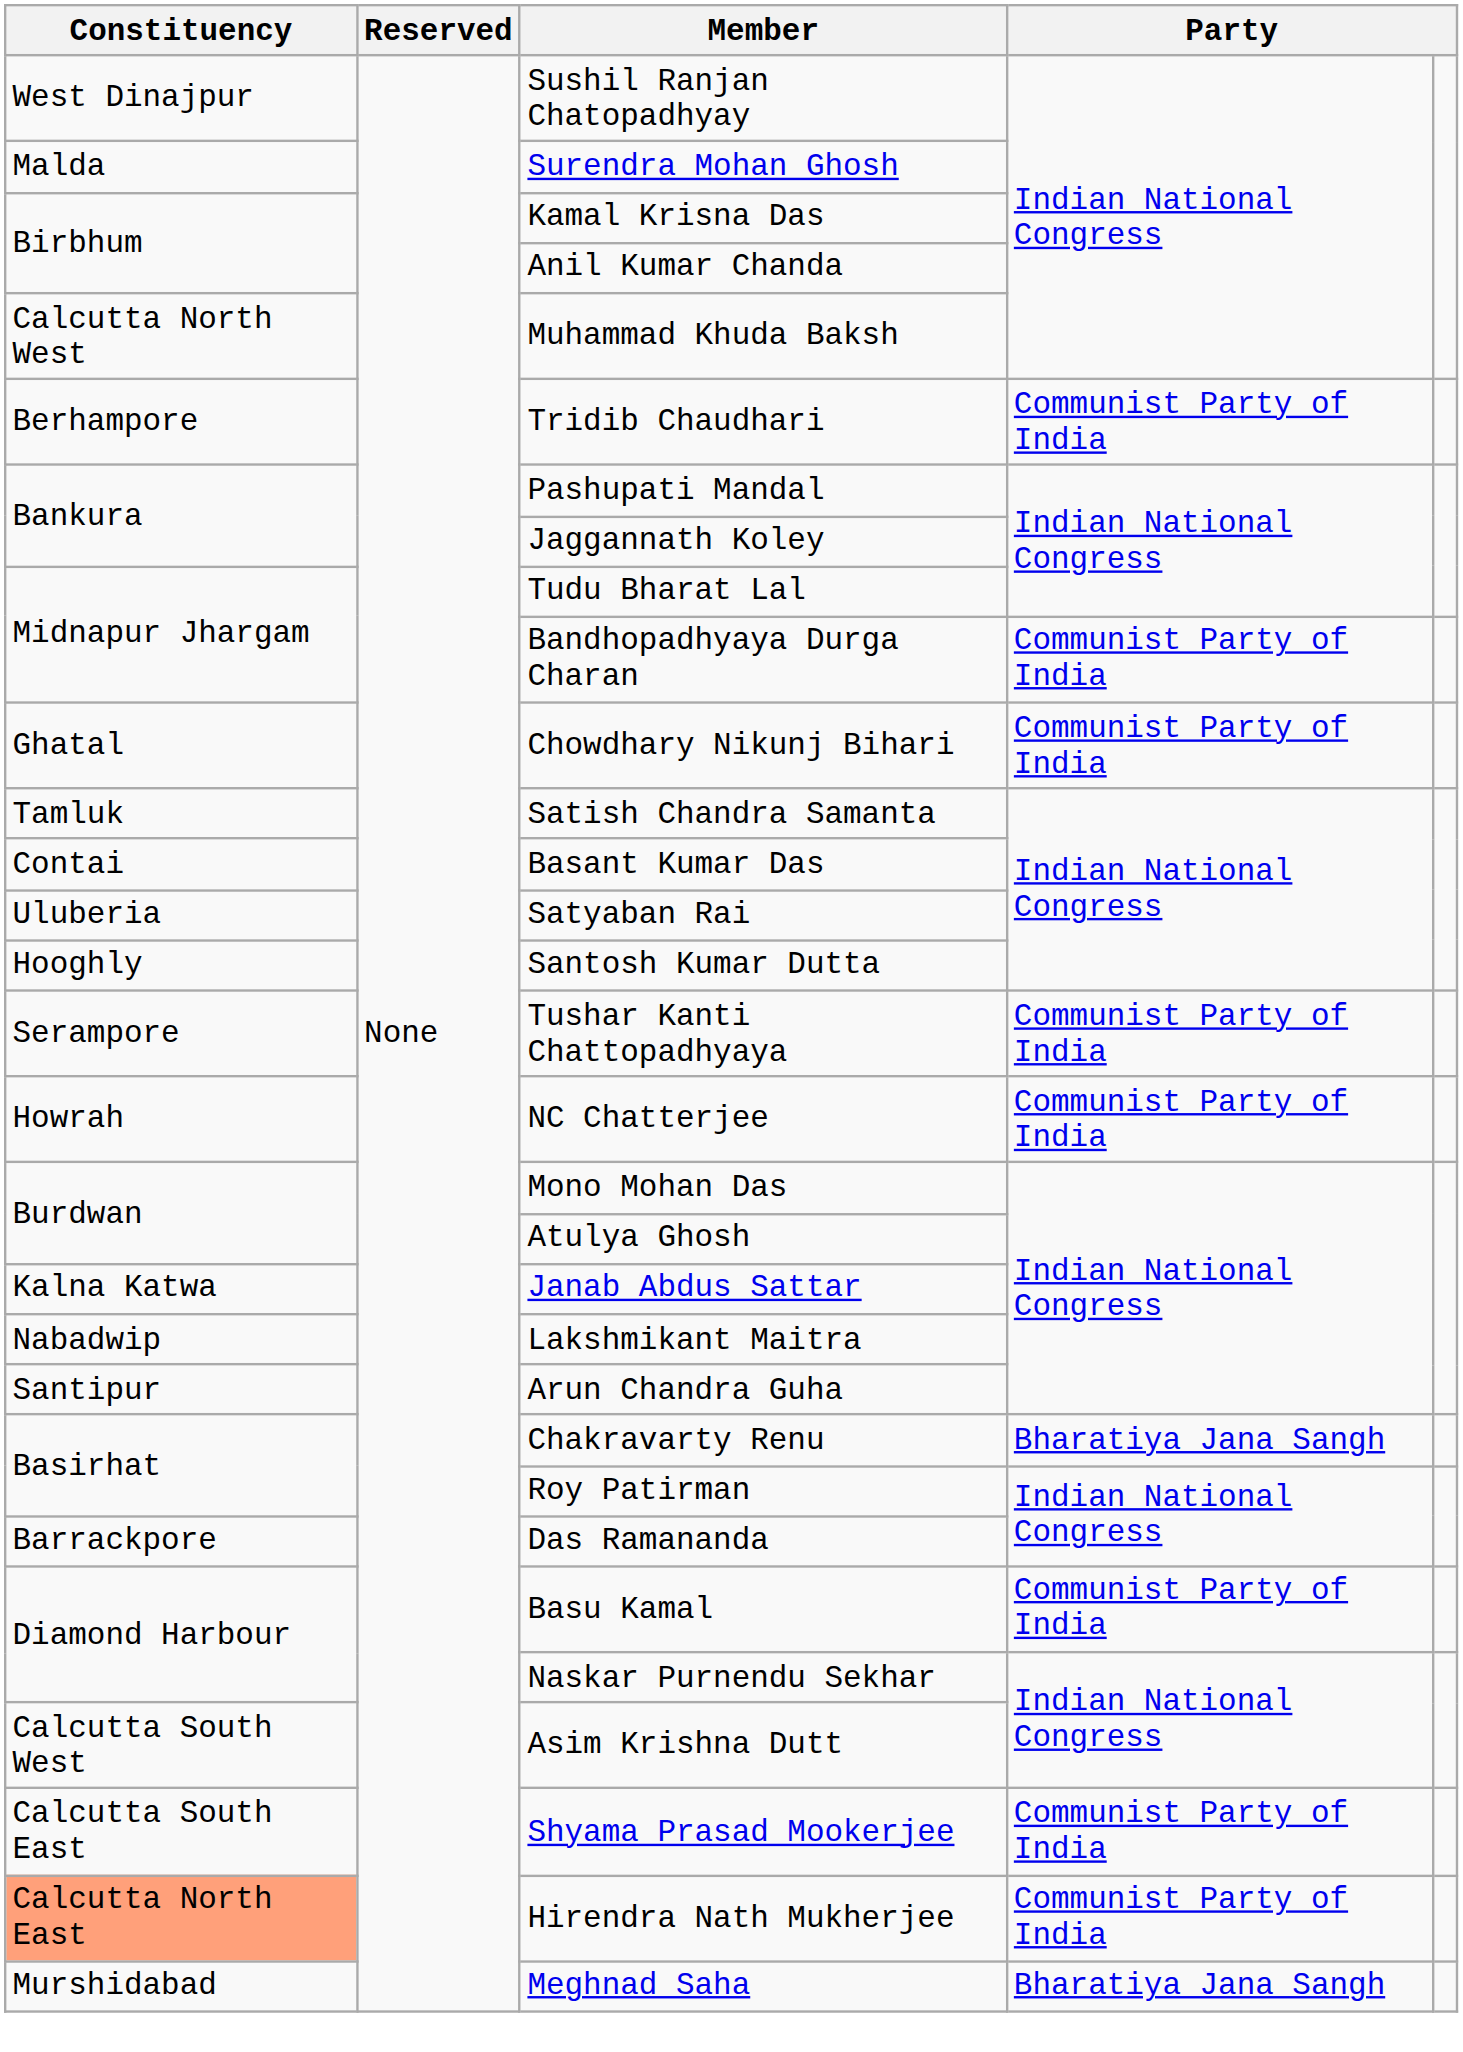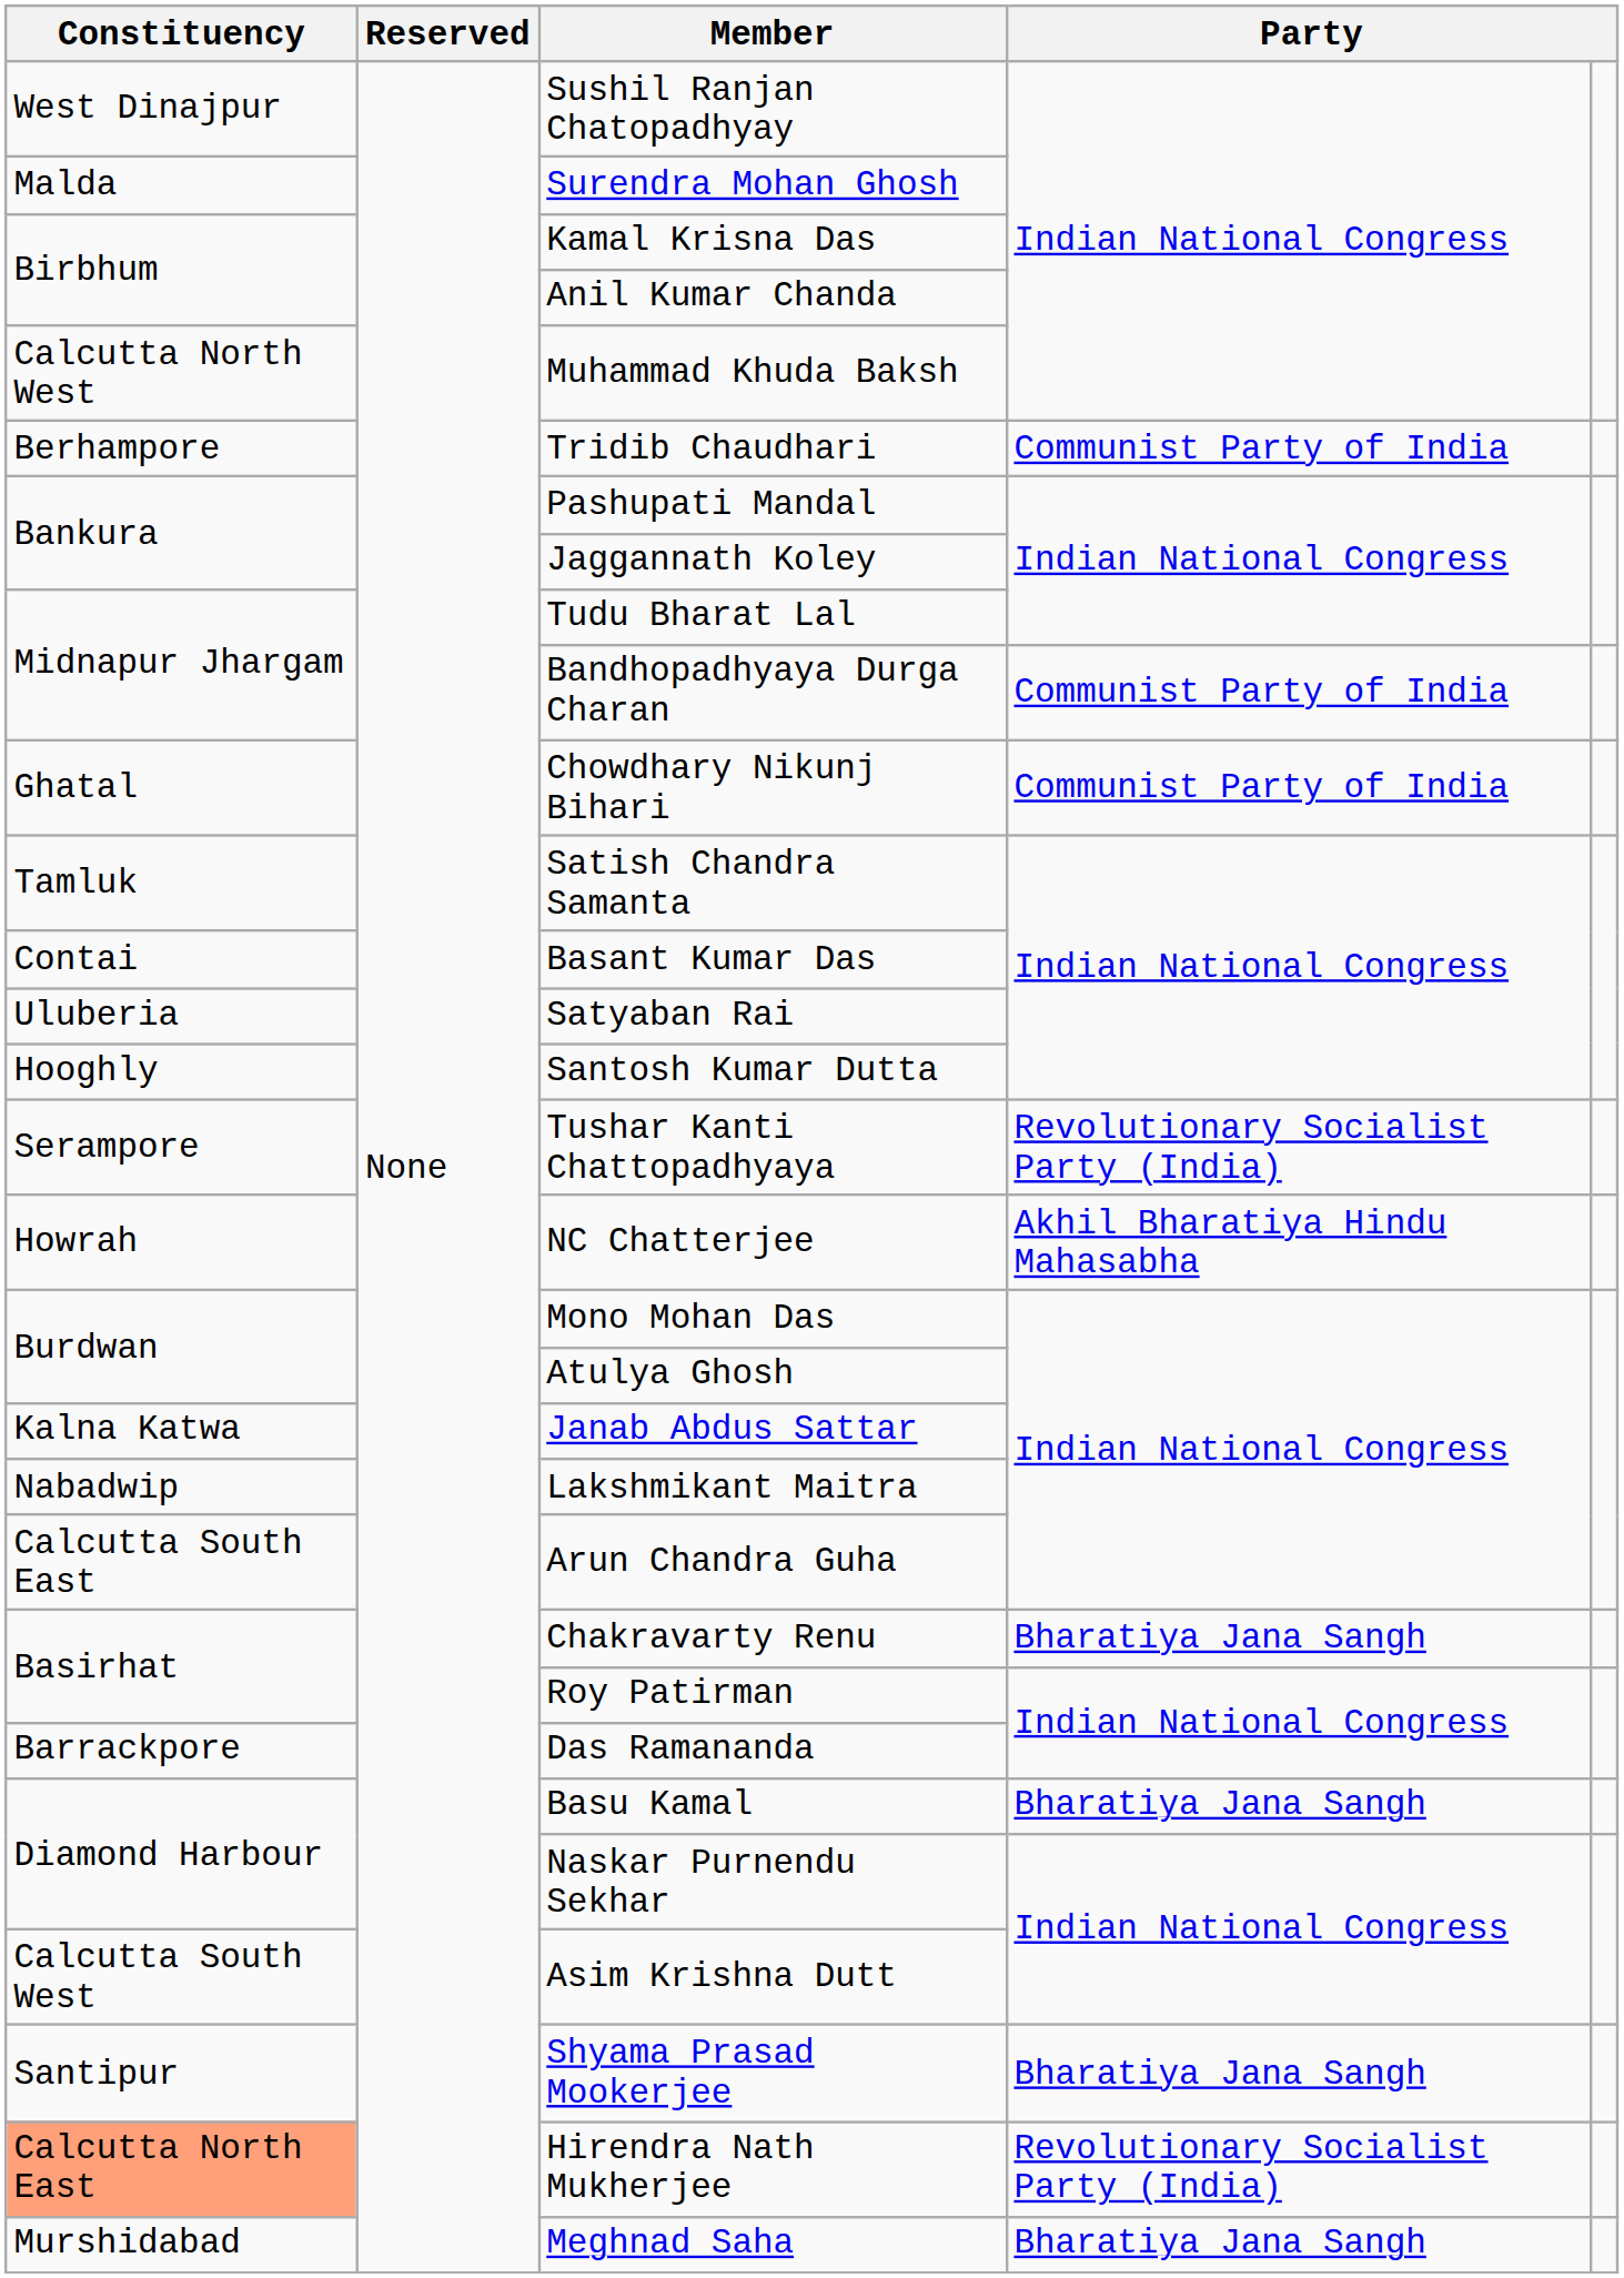 <table class="wikitable sortable">
 <tr>
 <th>Constituency</th>
 <th>Reserved</th>
 <th>Member</th>
 <th colspan=2>Party</th>
 </tr>
 <tr>
 <td>West Dinajpur</td>
 <td rowspan=31>None</td>
 <td>Sushil Ranjan Chatopadhyay</td>
 <td rowspan=5><a href='#'>Indian National Congress</a></td>
 <td rowspan=5 width="4px" style="background-color: "></td>
 </tr>
 <tr>
 <td>Malda</td>
 <td><a href='#'>Surendra Mohan Ghosh</a></td>
 </tr>
 <tr>
 <td rowspan=2>Birbhum</td>
 <td>Kamal Krisna Das</td>
 </tr>
 <tr>
 <td>Anil Kumar Chanda</td>
 </tr>
 <tr>
 <td>Calcutta North West</td>
 <td>Muhammad Khuda Baksh</td>
 </tr>
 <tr>
 <td>Berhampore</td>
 <td>Tridib Chaudhari</td>
 <td><a href='#'>Communist Party of India</a></td>
 <td width="4px" style="background-color: "></td>
 </tr>
 <tr>
 <td rowspan=2>Bankura</td>
 <td>Pashupati Mandal</td>
 <td rowspan=3><a href='#'>Indian National Congress</a></td>
 <td rowspan=3 width="4px" style="background-color: "></td>
 </tr>
 <tr>
 <td>Jaggannath Koley</td>
 </tr>
 <tr>
 <td rowspan=2>Midnapur Jhargam</td>
 <td>Tudu Bharat Lal</td>
 </tr>
 <tr>
 <td>Bandhopadhyaya Durga Charan</td>
 <td><a href='#'>Communist Party of India</a></td>
 <td width="4px" style="background-color: "></td>
 </tr>
 <tr>
 <td>Ghatal</td>
 <td>Chowdhary Nikunj Bihari</td>
 <td><a href='#'>Communist Party of India</a></td>
 <td width="4px" style="background-color: "></td>
 </tr>
 <tr>
 <td>Tamluk</td>
 <td>Satish Chandra Samanta</td>
 <td rowspan=4><a href='#'>Indian National Congress</a></td>
 <td rowspan=4 width="4px" style="background-color: "></td>
 </tr>
 <tr>
 <td>Contai</td>
 <td>Basant Kumar Das</td>
 </tr>
 <tr>
 <td>Uluberia</td>
 <td>Satyaban Rai</td>
 </tr>
 <tr>
 <td>Hooghly</td>
 <td>Santosh Kumar Dutta</td>
 </tr>
 <tr>
 <td>Serampore</td>
 <td>Tushar Kanti Chattopadhyaya</td>
-<td><a href='#'>Communist Party of India</a></td>
+<td><a href='#'>Revolutionary Socialist Party (India)</a></td>
 <td width="4px" style="background-color: "></td>
 </tr>
 <tr>
 <td>Howrah</td>
 <td>NC Chatterjee</td>
-<td><a href='#'>Communist Party of India</a></td>
+<td><a href='#'>Akhil Bharatiya Hindu Mahasabha</a></td>
 <td width="4px" style="background-color: "></td>
 </tr>
 <tr>
 <td rowspan=2>Burdwan</td>
 <td>Mono Mohan Das</td>
 <td rowspan=5><a href='#'>Indian National Congress</a></td>
 <td rowspan=5 width="4px" style="background-color: "></td>
 </tr>
 <tr>
 <td>Atulya Ghosh</td>
 </tr>
 <tr>
 <td>Kalna Katwa</td>
 <td><a href='#'>Janab Abdus Sattar</a></td>
 </tr>
 <tr>
 <td>Nabadwip</td>
 <td>Lakshmikant Maitra</td>
 </tr>
 <tr>
-<td>Santipur</td>
+<td>Calcutta South East</td>
 <td>Arun Chandra Guha</td>
 </tr>
 <tr>
 <td rowspan=2>Basirhat</td>
 <td>Chakravarty Renu</td>
 <td><a href='#'>Bharatiya Jana Sangh</a></td>
 <td width="4px" style="background-color: "></td>
 </tr>
 <tr>
 <td>Roy Patirman</td>
 <td rowspan=2><a href='#'>Indian National Congress</a></td>
 <td rowspan=2 width="4px" style="background-color: "></td>
 </tr>
 <tr>
 <td>Barrackpore</td>
 <td>Das Ramananda</td>
 </tr>
 <tr>
 <td rowspan=2>Diamond Harbour</td>
 <td>Basu Kamal</td>
-<td><a href='#'>Communist Party of India</a></td>
+<td><a href='#'>Bharatiya Jana Sangh</a></td>
 <td width="4px" style="background-color: "></td>
 </tr>
 <tr>
 <td>Naskar Purnendu Sekhar</td>
 <td rowspan=2><a href='#'>Indian National Congress</a></td>
 <td rowspan=2 width="4px" style="background-color: "></td>
 </tr>
 <tr>
 <td>Calcutta South West</td>
 <td>Asim Krishna Dutt</td>
 </tr>
 <tr>
-<td>Calcutta South East</td>
+<td>Santipur</td>
 <td><a href='#'>Shyama Prasad Mookerjee</a></td>
-<td><a href='#'>Communist Party of India</a></td>
+<td><a href='#'>Bharatiya Jana Sangh</a></td>
 <td width="4px" style="background-color: "></td>
 </tr>
 <tr>
 <td style="background: lightsalmon;">Calcutta North East</td>
 <td>Hirendra Nath Mukherjee</td>
-<td><a href='#'>Communist Party of India</a></td>
+<td><a href='#'>Revolutionary Socialist Party (India)</a></td>
 <td width="4px" style="background-color: "></td>
 </tr>
 <tr>
 <td>Murshidabad</td>
 <td><a href='#'>Meghnad Saha</a></td>
 <td><a href='#'>Bharatiya Jana Sangh</a></td>
 <td width="4px" style="background-color: "></td>
 </tr>
 </table>
